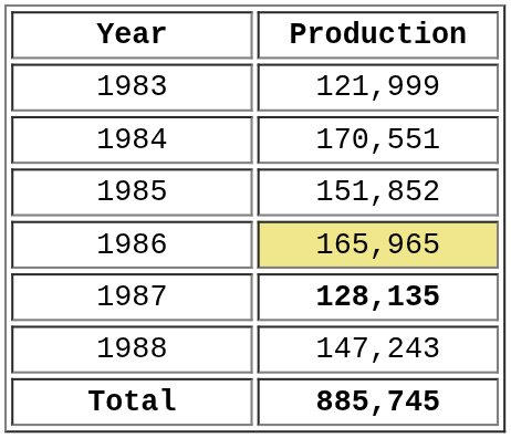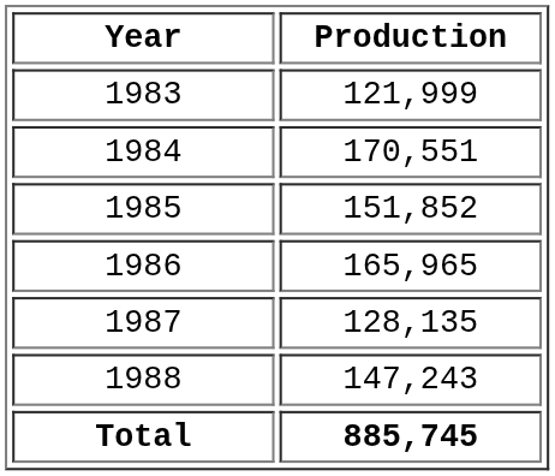 <table border="1" cellpadding="2">
 <tr>
 <td width="100pt" align="center"><strong>Year</strong></td>
 <td width="100pt" align="center"><strong>Production</strong></td>
 </tr>
 <tr>
 <td align="center">1983</td>
 <td align="center">121,999</td>
 </tr>
 <tr>
 <td align="center">1984</td>
 <td align="center">170,551</td>
 </tr>
 <tr>
 <td align="center">1985</td>
 <td align="center">151,852</td>
 </tr>
 <tr>
 <td align="center">1986</td>
-<td align="center" style="background: khaki;">165,965</td>
+<td align="center">165,965</td>
 </tr>
 <tr>
 <td align="center">1987</td>
-<td align="center"><strong>128,135</strong></td>
+<td align="center">128,135</td>
 </tr>
 <tr>
 <td align="center">1988</td>
 <td align="center">147,243</td>
 </tr>
 <tr>
 <td align="center"><strong>Total</strong></td>
 <td align="center"><strong>885,745</strong></td>
 </tr>
 </table>
